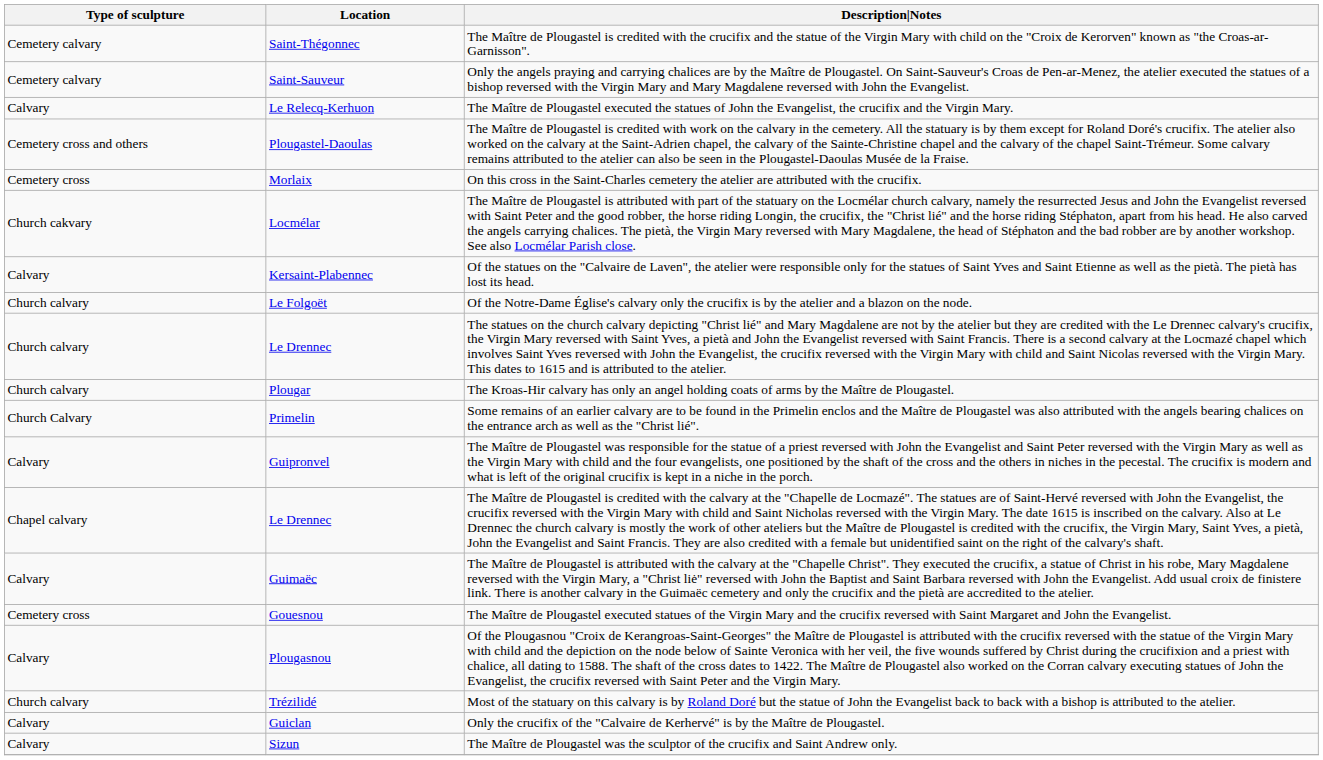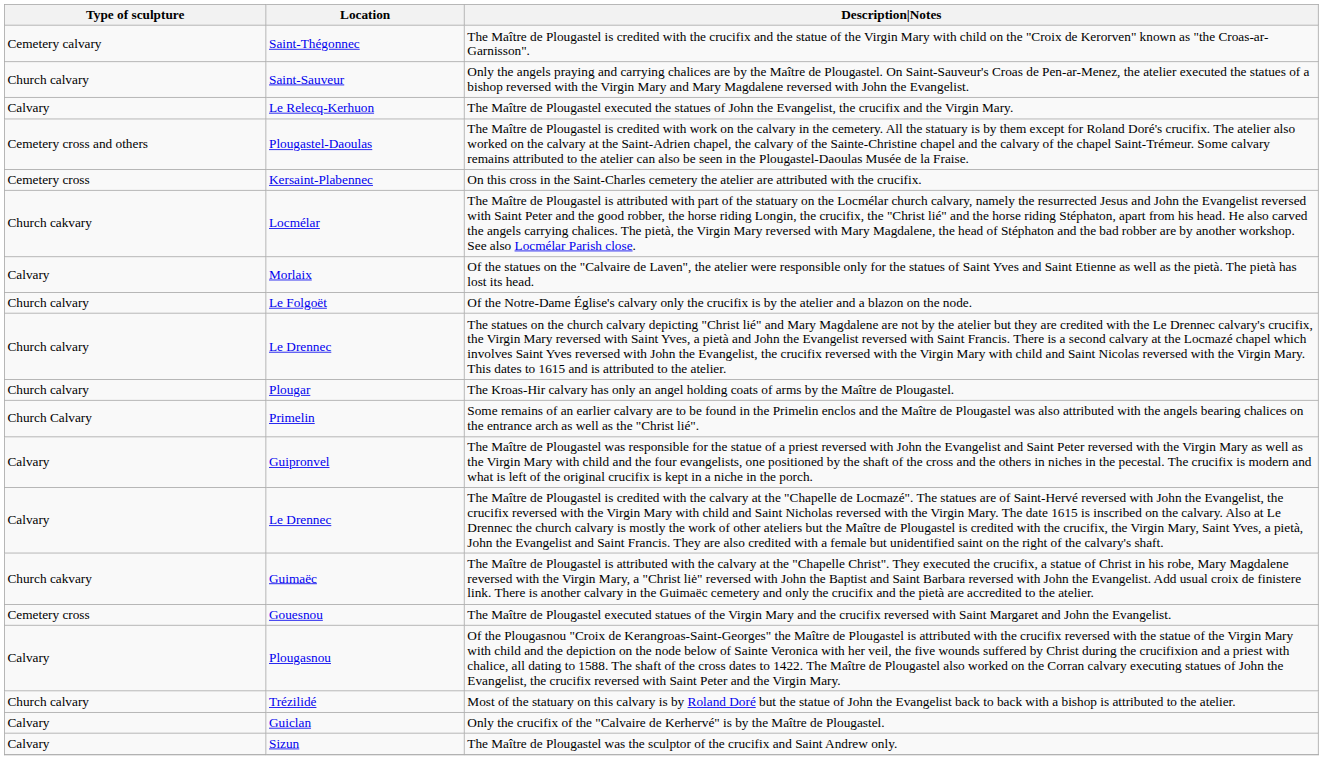 <table class="wikitable sortable" style="width:100%; margin-top:0.5em;">
 <tr>
 <th scope="col">Type of sculpture</th>
 <th scope="col">Location</th>
 <th scope="col" width="65%">Description|Notes</th>
 </tr>
 <tr>
 <td>Cemetery calvary</td>
 <td><a href='#'>Saint-Thégonnec</a></td>
 <td>The Maître de Plougastel is credited with the crucifix and the statue of the Virgin Mary with child on the "Croix de Kerorven" known as "the Croas-ar-Garnisson".</td>
 </tr>
 <tr>
-<td>Cemetery calvary</td>
+<td>Church calvary</td>
 <td><a href='#'>Saint-Sauveur</a></td>
 <td>Only the angels praying and carrying chalices are by the Maître de Plougastel. On Saint-Sauveur's Croas de Pen-ar-Menez, the atelier executed the statues of a bishop reversed with the Virgin Mary and Mary Magdalene reversed with John the Evangelist.</td>
 </tr>
 <tr>
 <td>Calvary</td>
 <td><a href='#'>Le Relecq-Kerhuon</a></td>
 <td>The Maître de Plougastel executed the statues of John the Evangelist, the crucifix and the Virgin Mary.</td>
 </tr>
 <tr>
 <td>Cemetery cross and others</td>
 <td><a href='#'>Plougastel-Daoulas</a></td>
 <td>The Maître de Plougastel is credited with work on the calvary in the cemetery. All the statuary is by them except for Roland Doré's crucifix. The atelier also worked on the calvary at the Saint-Adrien chapel, the calvary of the Sainte-Christine chapel and the calvary of the chapel Saint-Trémeur. Some calvary remains attributed to the atelier can also be seen in the Plougastel-Daoulas Musée de la Fraise.</td>
 </tr>
 <tr>
 <td>Cemetery cross</td>
-<td><a href='#'>Morlaix</a></td>
+<td><a href='#'>Kersaint-Plabennec</a></td>
 <td>On this cross in the Saint-Charles cemetery the atelier are attributed with the crucifix.</td>
 </tr>
 <tr>
 <td>Church cakvary</td>
 <td><a href='#'>Locmélar</a></td>
 <td>The Maître de Plougastel is attributed with part of the statuary on the Locmélar church calvary, namely the resurrected Jesus and John the Evangelist reversed with Saint Peter and the good robber, the horse riding Longin, the crucifix, the "Christ lié" and the horse riding Stéphaton, apart from his head. He also carved the angels carrying chalices. The pietà, the Virgin Mary reversed with Mary Magdalene, the head of Stéphaton and the bad robber are by another workshop. See also <a href='#'>Locmélar Parish close</a>.<br></td>
 </tr>
 <tr>
 <td>Calvary</td>
-<td><a href='#'>Kersaint-Plabennec</a></td>
+<td><a href='#'>Morlaix</a></td>
 <td>Of the statues on the "Calvaire de Laven", the atelier were responsible only for the statues of Saint Yves and Saint Etienne as well as the pietà. The pietà has lost its head.<br></td>
 </tr>
 <tr>
 <td>Church calvary</td>
 <td><a href='#'>Le Folgoët</a></td>
 <td>Of the Notre-Dame Église's calvary only the crucifix is by the atelier and a blazon on the node.</td>
 </tr>
 <tr>
 <td>Church calvary</td>
 <td><a href='#'>Le Drennec</a></td>
 <td>The statues on the church calvary depicting "Christ lié" and Mary Magdalene are not by the atelier but they are credited with the Le Drennec calvary's crucifix, the Virgin Mary reversed with Saint Yves, a pietà and John the Evangelist reversed with Saint Francis. There is a second calvary at the Locmazé chapel which involves Saint Yves reversed with John the Evangelist, the crucifix reversed with the Virgin Mary with child and Saint Nicolas reversed with the Virgin Mary. This dates to 1615 and is attributed to the atelier.</td>
 </tr>
 <tr>
 <td>Church calvary</td>
 <td><a href='#'>Plougar</a></td>
 <td>The Kroas-Hir calvary has only an angel holding coats of arms by the Maître de Plougastel.</td>
 </tr>
 <tr>
 <td>Church Calvary</td>
 <td><a href='#'>Primelin</a></td>
 <td>Some remains of an earlier calvary are to be found in the Primelin enclos and the Maître de Plougastel was also attributed with the angels bearing chalices on the entrance arch as well as the "Christ lié".</td>
 </tr>
 <tr>
 <td>Calvary</td>
 <td><a href='#'>Guipronvel</a></td>
 <td>The Maître de Plougastel was responsible for the statue of a priest reversed with John the Evangelist and Saint Peter reversed with the Virgin Mary as well as the Virgin Mary with child and the four evangelists, one positioned by the shaft of the cross and the others in niches in the pecestal. The crucifix is modern and what is left of the original crucifix is kept in a niche in the porch.</td>
 </tr>
 <tr>
-<td>Chapel calvary</td>
+<td>Calvary</td>
 <td><a href='#'>Le Drennec</a></td>
 <td>The Maître de Plougastel is credited with the calvary at the "Chapelle de Locmazé". The statues are of Saint-Hervé reversed with John the Evangelist, the crucifix reversed with the Virgin Mary with child and Saint Nicholas reversed with the Virgin Mary. The date 1615 is inscribed on the calvary. Also at Le Drennec the church calvary is mostly the work of other ateliers but the Maître de Plougastel is credited with the crucifix, the Virgin Mary, Saint Yves, a pietà, John the Evangelist and Saint Francis. They are also credited with a female but unidentified saint on the right of the calvary's shaft.</td>
 </tr>
 <tr>
-<td>Calvary</td>
+<td>Church cakvary</td>
 <td><a href='#'>Guimaëc</a></td>
 <td>The Maître de Plougastel is attributed with the calvary at the "Chapelle Christ". They executed the crucifix, a statue of Christ in his robe, Mary Magdalene reversed with the Virgin Mary, a "Christ liė" reversed with John the Baptist and Saint Barbara reversed with John the Evangelist. Add usual croix de finistere link. There is another calvary in the Guimaëc cemetery and only the crucifix and the pietà are accredited to the atelier.<br></td>
 </tr>
 <tr>
 <td>Cemetery cross</td>
 <td><a href='#'>Gouesnou</a></td>
 <td>The Maître de Plougastel executed statues of the Virgin Mary and  the crucifix reversed with Saint Margaret and John the Evangelist.</td>
 </tr>
 <tr>
 <td>Calvary</td>
 <td><a href='#'>Plougasnou</a></td>
 <td>Of the Plougasnou "Croix de Kerangroas-Saint-Georges" the Maître de Plougastel is attributed with the crucifix reversed with the statue of the Virgin Mary with child and the depiction on the node below of Sainte Veronica with her veil, the five wounds suffered by Christ during the crucifixion and a priest with chalice, all dating to 1588. The shaft of the cross dates to 1422. The Maître de Plougastel also worked on the Corran calvary executing statues of John the Evangelist, the crucifix reversed with Saint Peter and the Virgin Mary.</td>
 </tr>
 <tr>
 <td>Church calvary</td>
 <td><a href='#'>Trézilidé</a></td>
 <td>Most of the statuary on this calvary is by <a href='#'>Roland Doré</a> but the statue of John the Evangelist back to back with a bishop is attributed to the atelier.<br></td>
 </tr>
 <tr>
 <td>Calvary</td>
 <td><a href='#'>Guiclan</a></td>
 <td>Only the crucifix of the "Calvaire de Kerhervé" is by the Maître de Plougastel.</td>
 </tr>
 <tr>
 <td>Calvary</td>
 <td><a href='#'>Sizun</a></td>
 <td>The Maître de Plougastel was the sculptor of the crucifix and Saint Andrew only.</td>
 </tr>
 <tr>
 </tr>
 </table>
